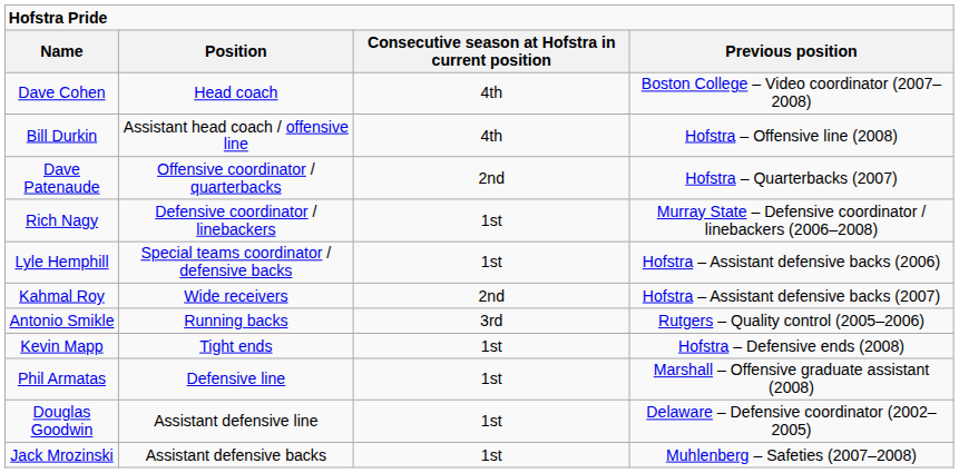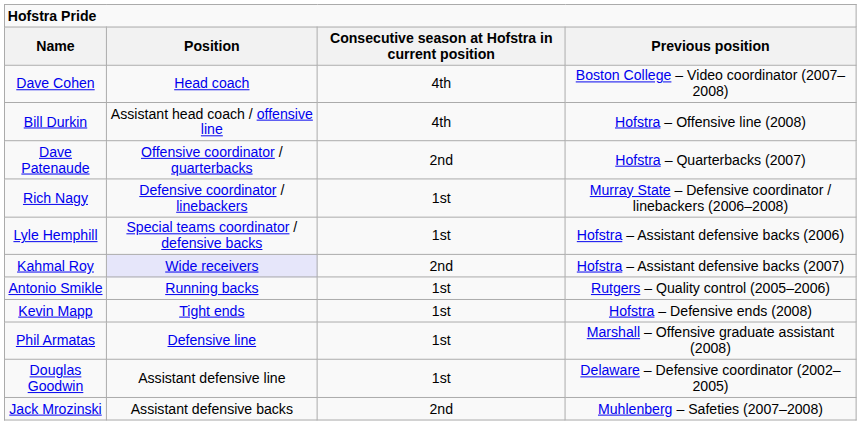 <table class="wikitable" style="font-size:90%;">
 <tr>
 <td colspan=5><strong>Hofstra Pride</strong></td>
 </tr>
 <tr align="center";>
 <th>Name</th>
 <th>Position</th>
 <th>Consecutive season at Hofstra in current position</th>
 <th>Previous position</th>
 </tr>
 <tr align="center";>
 <td><a href='#'>Dave Cohen</a></td>
 <td><a href='#'>Head coach</a></td>
 <td>4th</td>
 <td><a href='#'>Boston College</a> – Video coordinator (2007–2008)</td>
 </tr>
 <tr align="center";>
 <td><a href='#'>Bill Durkin</a></td>
 <td>Assistant head coach / <a href='#'>offensive line</a></td>
 <td>4th</td>
 <td><a href='#'>Hofstra</a> – Offensive line (2008)</td>
 </tr>
 <tr align="center";>
 <td><a href='#'>Dave Patenaude</a></td>
 <td><a href='#'>Offensive coordinator</a> / <a href='#'>quarterbacks</a></td>
 <td>2nd</td>
 <td><a href='#'>Hofstra</a> – Quarterbacks (2007)</td>
 </tr>
 <tr align="center";>
 <td><a href='#'>Rich Nagy</a></td>
 <td><a href='#'>Defensive coordinator</a> / <a href='#'>linebackers</a></td>
 <td>1st</td>
 <td><a href='#'>Murray State</a> – Defensive coordinator / linebackers (2006–2008)</td>
 </tr>
 <tr align="center";>
 <td><a href='#'>Lyle Hemphill</a></td>
 <td><a href='#'>Special teams coordinator</a> / <a href='#'>defensive backs</a></td>
 <td>1st</td>
 <td><a href='#'>Hofstra</a> – Assistant defensive backs  (2006)</td>
 </tr>
 <tr align="center";>
 <td><a href='#'>Kahmal Roy</a></td>
-<td><a href='#'>Wide receivers</a></td>
+<td style="background: lavender;"><a href='#'>Wide receivers</a></td>
 <td>2nd</td>
 <td><a href='#'>Hofstra</a> – Assistant defensive backs  (2007)</td>
 </tr>
 <tr align="center";>
 <td><a href='#'>Antonio Smikle</a></td>
 <td><a href='#'>Running backs</a></td>
-<td>3rd</td>
+<td>1st</td>
 <td><a href='#'>Rutgers</a> – Quality control (2005–2006)</td>
 </tr>
 <tr align="center";>
 <td><a href='#'>Kevin Mapp</a></td>
 <td><a href='#'>Tight ends</a></td>
 <td>1st</td>
 <td><a href='#'>Hofstra</a> – Defensive ends (2008)</td>
 </tr>
 <tr align="center";>
 <td><a href='#'>Phil Armatas</a></td>
 <td><a href='#'>Defensive line</a></td>
 <td>1st</td>
 <td><a href='#'>Marshall</a> – Offensive graduate assistant (2008)</td>
 </tr>
 <tr align="center";>
 <td><a href='#'>Douglas Goodwin</a></td>
 <td>Assistant defensive line</td>
 <td>1st</td>
 <td><a href='#'>Delaware</a> – Defensive coordinator (2002–2005)</td>
 </tr>
 <tr align="center" ;>
 <td><a href='#'>Jack Mrozinski</a></td>
 <td>Assistant defensive backs</td>
-<td>1st</td>
+<td>2nd</td>
 <td><a href='#'>Muhlenberg</a> – Safeties (2007–2008)</td>
 </tr>
 </table>
